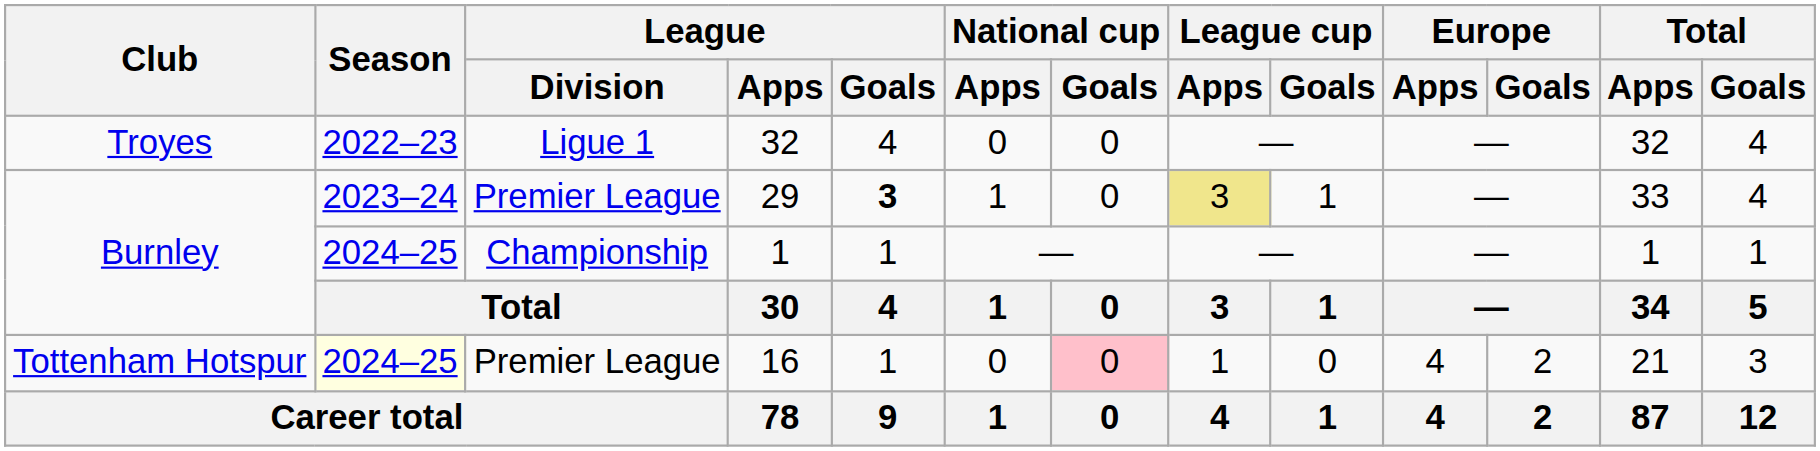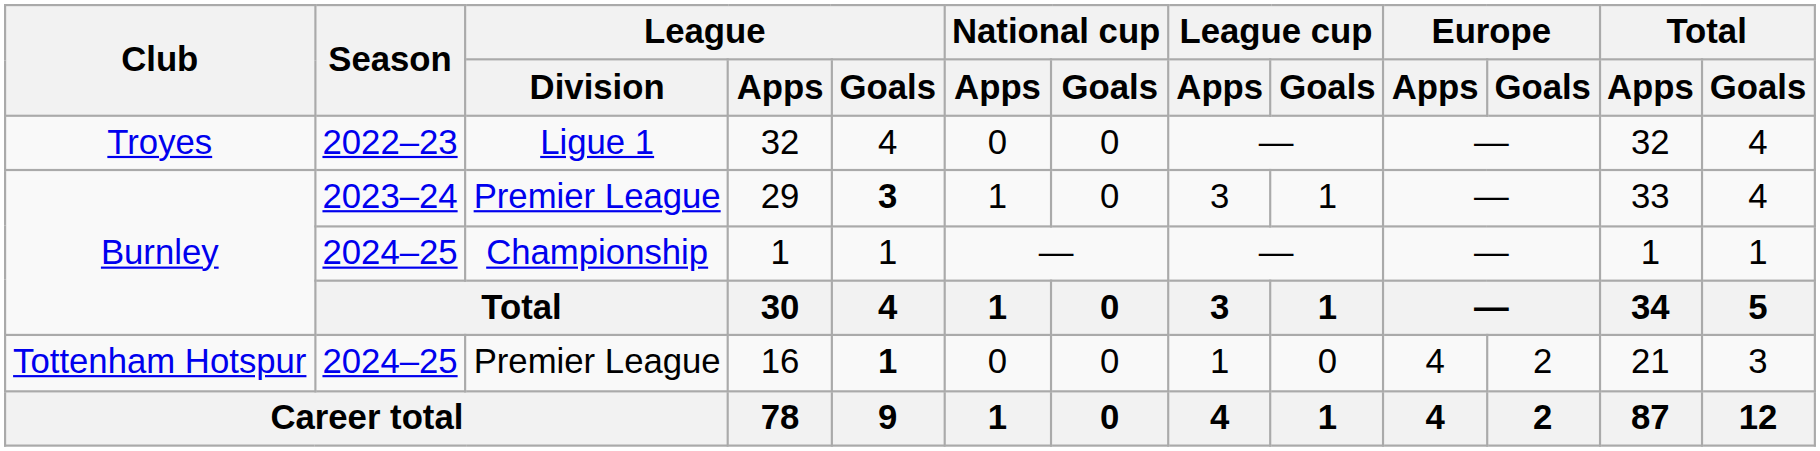 <table class="wikitable" style="text-align: center">
 <tr>
 <th rowspan="2">Club</th>
 <th rowspan="2">Season</th>
 <th colspan="3">League</th>
 <th colspan="2">National cup</th>
 <th colspan="2">League cup</th>
 <th colspan="2">Europe</th>
 <th colspan="2">Total</th>
 </tr>
 <tr>
 <th>Division</th>
 <th>Apps</th>
 <th>Goals</th>
 <th>Apps</th>
 <th>Goals</th>
 <th>Apps</th>
 <th>Goals</th>
 <th>Apps</th>
 <th>Goals</th>
 <th>Apps</th>
 <th>Goals</th>
 </tr>
 <tr>
 <td><a href='#'>Troyes</a></td>
 <td><a href='#'>2022–23</a></td>
 <td><a href='#'>Ligue 1</a></td>
 <td>32</td>
 <td>4</td>
 <td>0</td>
 <td>0</td>
 <td colspan="2">—</td>
 <td colspan="2">—</td>
 <td>32</td>
 <td>4</td>
 </tr>
 <tr>
 <td rowspan="3"><a href='#'>Burnley</a></td>
 <td><a href='#'>2023–24</a></td>
 <td><a href='#'>Premier League</a></td>
 <td>29</td>
 <td><strong>3</strong></td>
 <td>1</td>
 <td>0</td>
-<td style="background: khaki;">3</td>
+<td>3</td>
 <td>1</td>
 <td colspan="2">—</td>
 <td>33</td>
 <td>4</td>
 </tr>
 <tr>
 <td><a href='#'>2024–25</a></td>
 <td><a href='#'>Championship</a></td>
 <td>1</td>
 <td>1</td>
 <td colspan="2">—</td>
 <td colspan="2">—</td>
 <td colspan="2">—</td>
 <td>1</td>
 <td>1</td>
 </tr>
 <tr>
 <th colspan="2">Total</th>
 <th>30</th>
 <th>4</th>
 <th>1</th>
 <th>0</th>
 <th>3</th>
 <th>1</th>
 <th colspan="2">—</th>
 <th>34</th>
 <th>5</th>
 </tr>
 <tr>
 <td><a href='#'>Tottenham Hotspur</a></td>
-<td style="background: lightyellow;"><a href='#'>2024–25</a></td>
+<td><a href='#'>2024–25</a></td>
 <td>Premier League</td>
 <td>16</td>
-<td>1</td>
+<td><strong>1</strong></td>
 <td>0</td>
-<td style="background: pink;">0</td>
+<td>0</td>
 <td>1</td>
 <td>0</td>
 <td>4</td>
 <td>2</td>
 <td>21</td>
 <td>3</td>
 </tr>
 <tr>
 <th colspan="3">Career total</th>
 <th>78</th>
 <th>9</th>
 <th>1</th>
 <th>0</th>
 <th>4</th>
 <th>1</th>
 <th>4</th>
 <th>2</th>
 <th>87</th>
 <th>12</th>
 </tr>
 </table>
